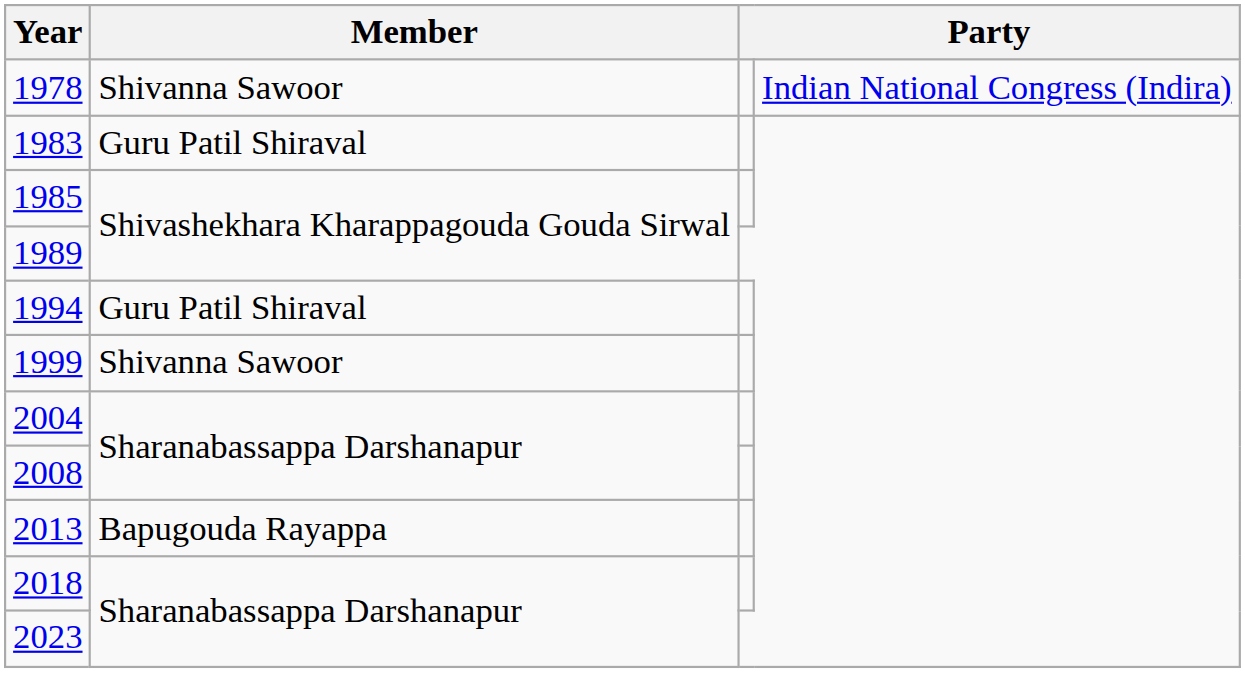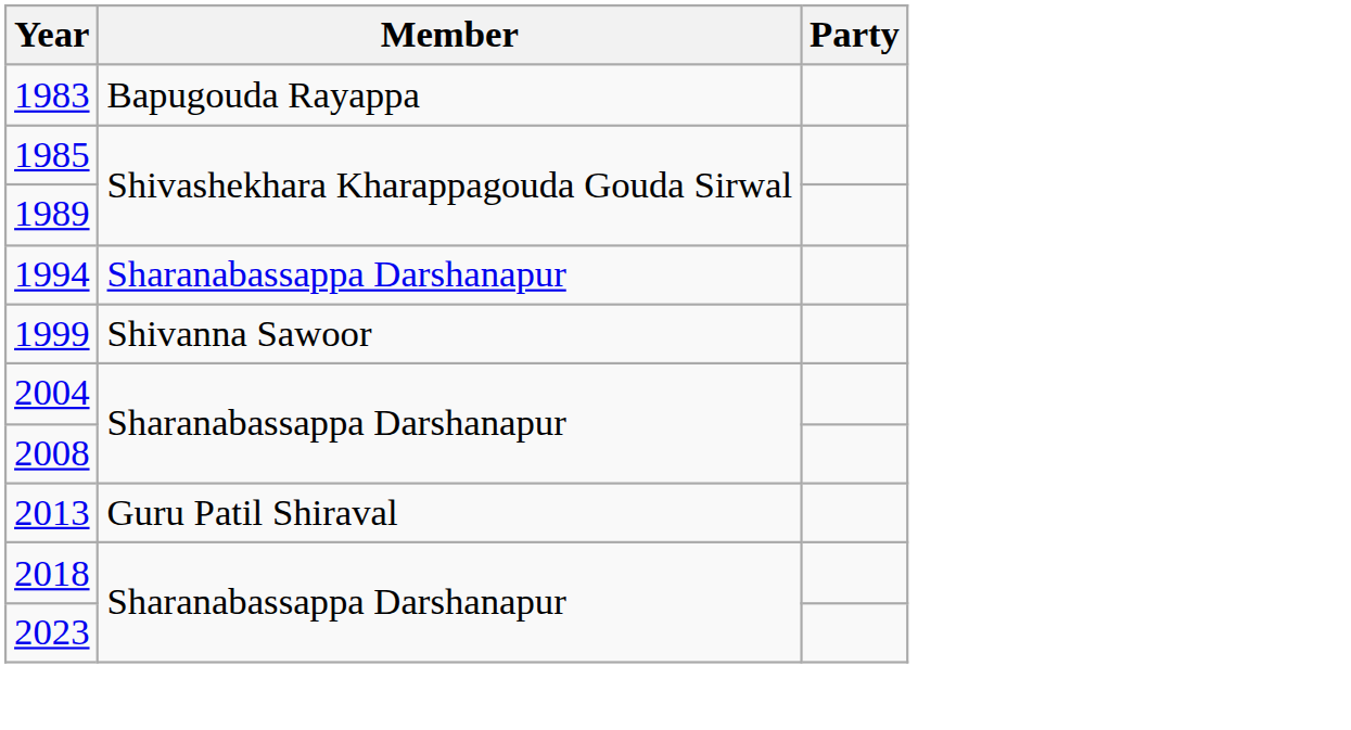 <table class="wikitable sortable">
 <tr>
 <th>Year</th>
 <th>Member</th>
 <th colspan=2>Party</th>
 </tr>
 <tr>
-<td><a href='#'>1978</a></td>
-<td>Shivanna Sawoor</td>
-<td style="background-color: "></td>
-<td><a href='#'>Indian National Congress (Indira)</a></td>
-</tr>
-<tr>
 <td><a href='#'>1983</a></td>
-<td>Guru Patil Shiraval</td>
+<td>Bapugouda Rayappa</td>
 <td></td>
 </tr>
 <tr>
 <td><a href='#'>1985</a></td>
 <td rowspan=2>Shivashekhara Kharappagouda Gouda Sirwal</td>
 <td></td>
 </tr>
 <tr>
 <td><a href='#'>1989</a></td>
 </tr>
 <tr>
 <td><a href='#'>1994</a></td>
-<td>Guru Patil Shiraval</td>
+<td><a href='#'>Sharanabassappa Darshanapur</a></td>
 <td></td>
 </tr>
 <tr>
 <td><a href='#'>1999</a></td>
 <td>Shivanna Sawoor</td>
 <td></td>
 </tr>
 <tr>
 <td><a href='#'>2004</a></td>
 <td rowspan=2>Sharanabassappa Darshanapur</td>
 <td></td>
 </tr>
 <tr>
 <td><a href='#'>2008</a></td>
 <td></td>
 </tr>
 <tr>
 <td><a href='#'>2013</a></td>
-<td>Bapugouda Rayappa</td>
+<td>Guru Patil Shiraval</td>
 <td></td>
 </tr>
 <tr>
 <td><a href='#'>2018</a></td>
 <td rowspan=2>Sharanabassappa Darshanapur</td>
 <td></td>
 </tr>
 <tr>
 <td><a href='#'>2023</a></td>
 </tr>
 </table>
